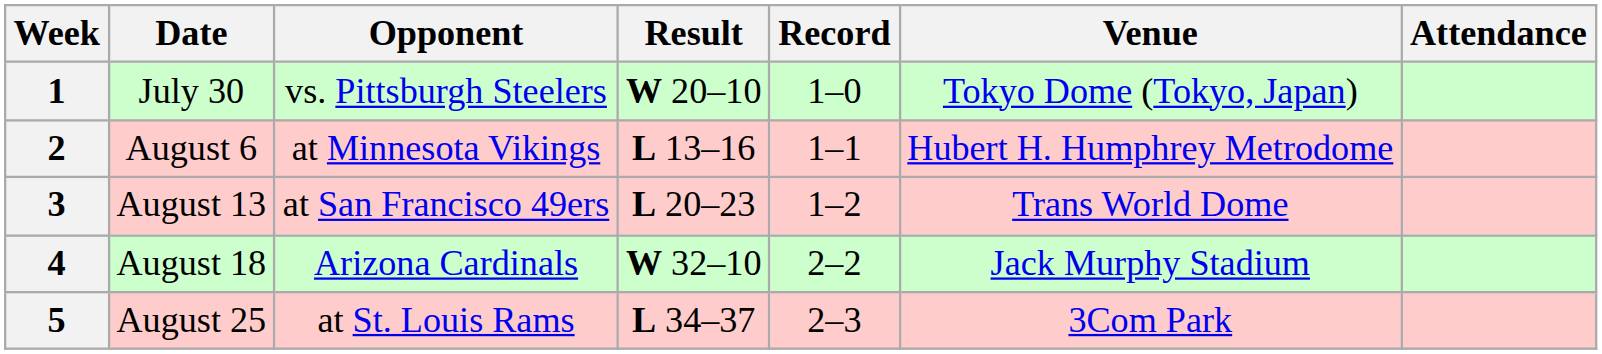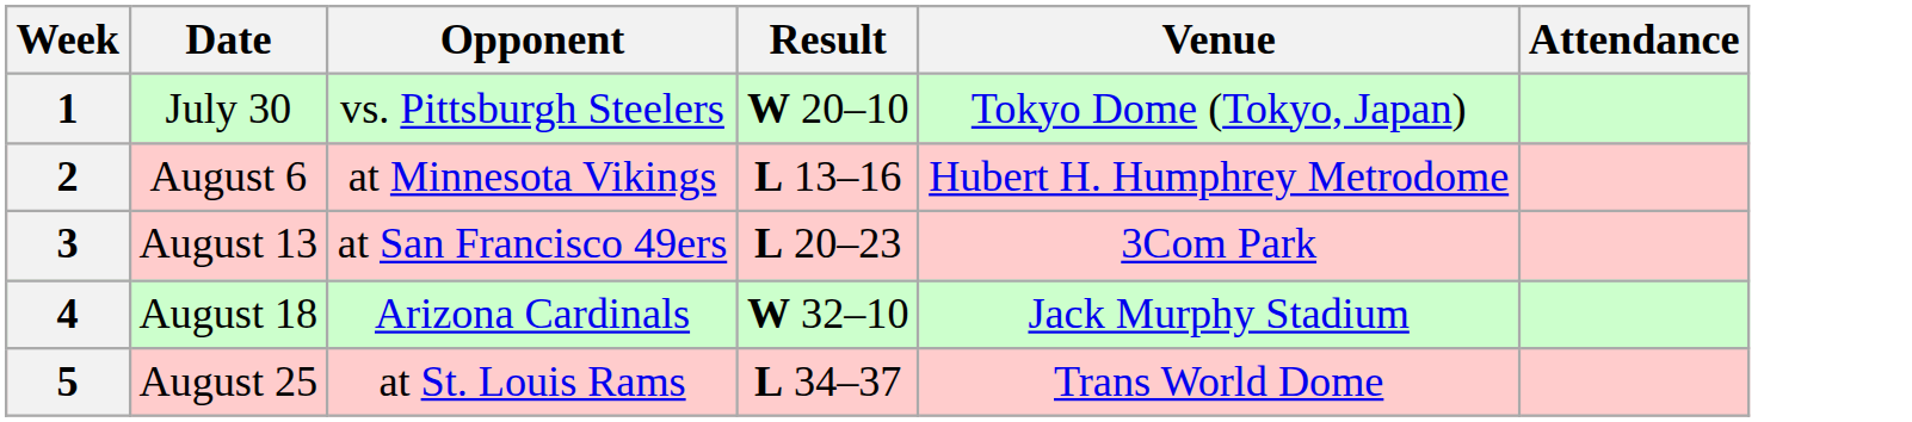 <table class="wikitable" style="text-align:center">
 <tr>
 <th>Week</th>
 <th>Date</th>
 <th>Opponent</th>
 <th>Result</th>
-<th>Record</th>
 <th>Venue</th>
 <th>Attendance</th>
 </tr>
 <tr style="background: #cfc;">
 <th>1</th>
 <td>July 30</td>
 <td>vs. <a href='#'>Pittsburgh Steelers</a></td>
 <td><strong>W</strong> 20–10</td>
-<td>1–0</td>
 <td><a href='#'>Tokyo Dome</a> (<a href='#'>Tokyo, Japan</a>)</td>
 <td></td>
 </tr>
 <tr style="background: #fcc;">
 <th>2</th>
 <td>August 6</td>
 <td>at <a href='#'>Minnesota Vikings</a></td>
 <td><strong>L</strong> 13–16</td>
-<td>1–1</td>
 <td><a href='#'>Hubert H. Humphrey Metrodome</a></td>
 <td></td>
 </tr>
 <tr style="background: #fcc;">
 <th>3</th>
 <td>August 13</td>
 <td>at <a href='#'>San Francisco 49ers</a></td>
 <td><strong>L</strong> 20–23</td>
-<td>1–2</td>
-<td><a href='#'>Trans World Dome</a></td>
+<td><a href='#'>3Com Park</a></td>
 <td></td>
 </tr>
 <tr style="background: #cfc;">
 <th>4</th>
 <td>August 18</td>
 <td><a href='#'>Arizona Cardinals</a></td>
 <td><strong>W</strong> 32–10</td>
-<td>2–2</td>
 <td><a href='#'>Jack Murphy Stadium</a></td>
 <td></td>
 </tr>
 <tr style="background: #fcc;">
 <th>5</th>
 <td>August 25</td>
 <td>at <a href='#'>St. Louis Rams</a></td>
 <td><strong>L</strong> 34–37</td>
-<td>2–3</td>
-<td><a href='#'>3Com Park</a></td>
+<td><a href='#'>Trans World Dome</a></td>
 <td></td>
 </tr>
 </table>
